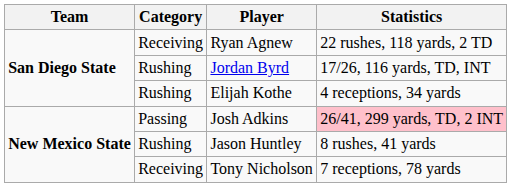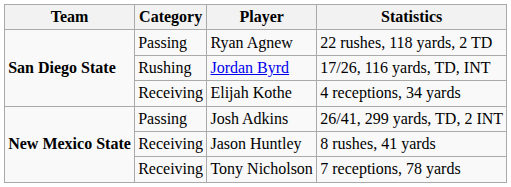 <table class="wikitable" style="float: left;">
 <tr>
 <th>Team</th>
 <th>Category</th>
 <th>Player</th>
 <th>Statistics</th>
 </tr>
 <tr>
 <td rowspan=3><strong>San Diego State</strong></td>
-<td>Receiving</td>
+<td>Passing</td>
 <td>Ryan Agnew</td>
 <td>22 rushes, 118 yards, 2 TD</td>
 </tr>
 <tr>
 <td>Rushing</td>
 <td><a href='#'>Jordan Byrd</a></td>
 <td>17/26, 116 yards, TD, INT</td>
 </tr>
 <tr>
-<td>Rushing</td>
+<td>Receiving</td>
 <td>Elijah Kothe</td>
 <td>4 receptions, 34 yards</td>
 </tr>
 <tr>
 <td rowspan=3><strong>New Mexico State</strong></td>
 <td>Passing</td>
 <td>Josh Adkins</td>
-<td style="background: pink;">26/41, 299 yards, TD, 2 INT</td>
+<td>26/41, 299 yards, TD, 2 INT</td>
 </tr>
 <tr>
-<td>Rushing</td>
+<td>Receiving</td>
 <td>Jason Huntley</td>
 <td>8 rushes, 41 yards</td>
 </tr>
 <tr>
 <td>Receiving</td>
 <td>Tony Nicholson</td>
 <td>7 receptions, 78 yards</td>
 </tr>
 </table>
